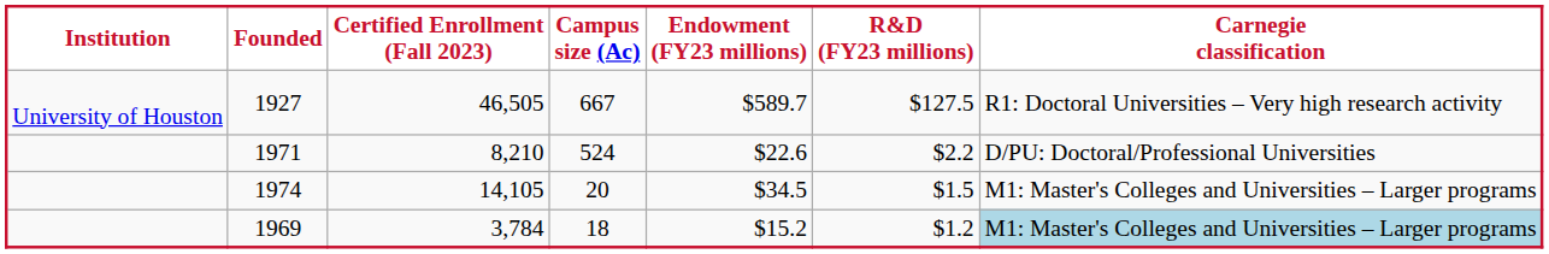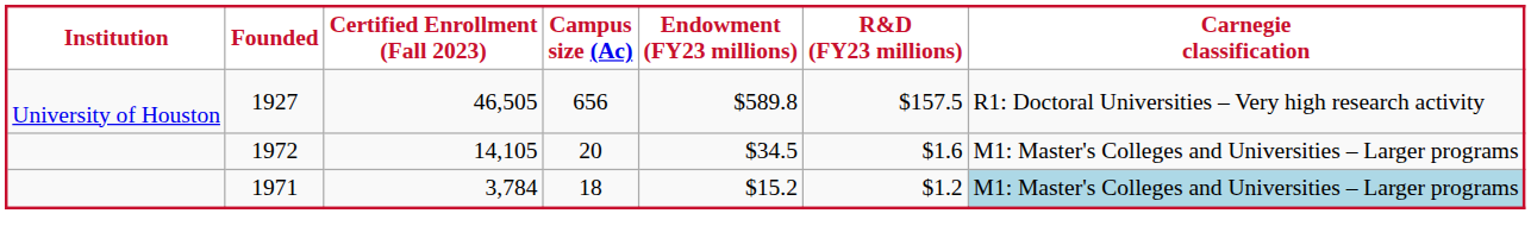 <table class="wikitable sortable plainrowheaders" style="border:2px solid #c8102e;">
 <tr>
 <th scope="col" style="background-color: white; color: #c8102e;">Institution</th>
 <th scope="col" style="background-color: white; color: #c8102e;">Founded</th>
 <th scope="col" style="background-color: white; color: #c8102e;">Certified Enrollment<br>(Fall 2023)</th>
 <th scope="col" style="background-color: white; color: #c8102e;">Campus<br>size <a href='#'>(Ac)</a></th>
 <th scope="col" style="background-color: white; color: #c8102e;">Endowment<br> (FY23 millions) <br></th>
 <th scope="col" style="background-color: white; color: #c8102e;">R&D<br>(FY23 millions)</th>
 <th scope="col" style="background-color: white; color: #c8102e;">Carnegie<br>classification</th>
 </tr>
 <tr>
 <td><br><a href='#'>University of Houston</a></td>
 <td align="center">1927</td>
 <td align="right">46,505</td>
-<td align="center">667</td>
-<td align="right">$589.7</td>
-<td align="right">$127.5 </td>
+<td align="center">656</td>
+<td align="right">$589.8</td>
+<td align="right">$157.5 </td>
 <td>R1: Doctoral Universities – Very high research activity</td>
 </tr>
 <tr>
 <td></td>
-<td align="center">1971</td>
-<td align="right">8,210</td>
-<td align="center">524</td>
-<td align="right">$22.6 </td>
-<td align="right">$2.2 </td>
-<td>D/PU: Doctoral/Professional Universities</td>
-</tr>
-<tr>
-<td></td>
-<td align="center">1974</td>
+<td align="center">1972</td>
 <td align="right">14,105</td>
 <td align="center">20</td>
 <td align="right">$34.5 </td>
-<td align="right">$1.5 </td>
+<td align="right">$1.6 </td>
 <td>M1: Master's Colleges and Universities – Larger programs</td>
 </tr>
 <tr>
 <td></td>
-<td align="center">1969</td>
+<td align="center">1971</td>
 <td align="right">3,784</td>
 <td align="center">18</td>
 <td align="right">$15.2 </td>
 <td align="right">$1.2 </td>
 <td style="background: lightblue;">M1: Master's Colleges and Universities – Larger programs</td>
 </tr>
 </table>
